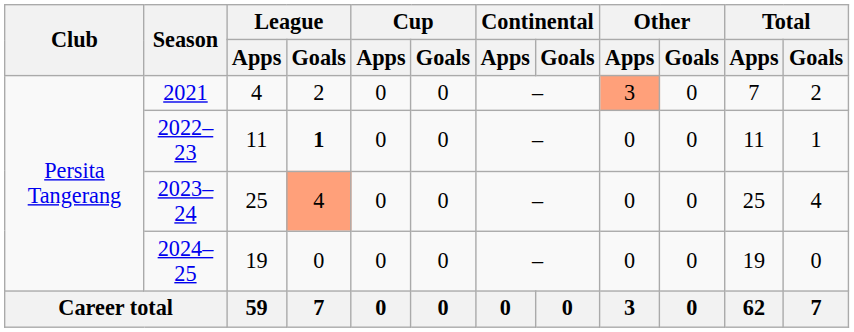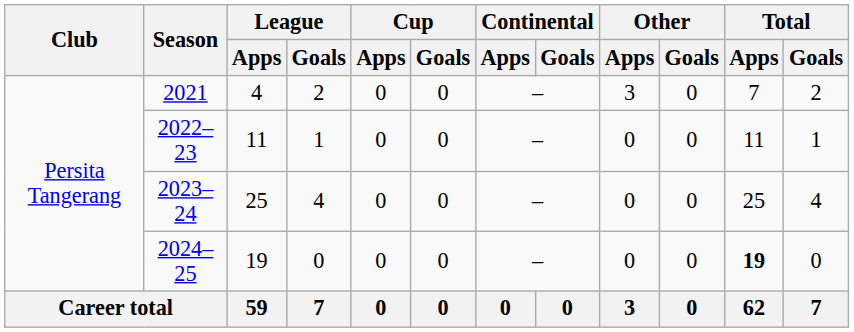 <table class="wikitable" style="text-align: center">
 <tr>
 <th rowspan="2">Club</th>
 <th rowspan="2">Season</th>
 <th colspan="2">League</th>
 <th colspan="2">Cup</th>
 <th colspan="2">Continental</th>
 <th colspan="2">Other</th>
 <th colspan="2">Total</th>
 </tr>
 <tr>
 <th>Apps</th>
 <th>Goals</th>
 <th>Apps</th>
 <th>Goals</th>
 <th>Apps</th>
 <th>Goals</th>
 <th>Apps</th>
 <th>Goals</th>
 <th>Apps</th>
 <th>Goals</th>
 </tr>
 <tr>
 <td rowspan="4"><a href='#'>Persita Tangerang</a></td>
 <td><a href='#'>2021</a></td>
 <td>4</td>
 <td>2</td>
 <td>0</td>
 <td>0</td>
 <td colspan="2">–</td>
-<td style="background: lightsalmon;">3</td>
+<td>3</td>
 <td>0</td>
 <td>7</td>
 <td>2</td>
 </tr>
 <tr>
 <td><a href='#'>2022–23</a></td>
 <td>11</td>
-<td><strong>1</strong></td>
+<td>1</td>
 <td>0</td>
 <td>0</td>
 <td colspan="2">–</td>
 <td>0</td>
 <td>0</td>
 <td>11</td>
 <td>1</td>
 </tr>
 <tr>
 <td><a href='#'>2023–24</a></td>
 <td>25</td>
-<td style="background: lightsalmon;">4</td>
+<td>4</td>
 <td>0</td>
 <td>0</td>
 <td colspan="2">–</td>
 <td>0</td>
 <td>0</td>
 <td>25</td>
 <td>4</td>
 </tr>
 <tr>
 <td><a href='#'>2024–25</a></td>
 <td>19</td>
 <td>0</td>
 <td>0</td>
 <td>0</td>
 <td colspan="2">–</td>
 <td>0</td>
 <td>0</td>
-<td>19</td>
+<td><strong>19</strong></td>
 <td>0</td>
 </tr>
 <tr>
 <th colspan=2>Career total</th>
 <th>59</th>
 <th>7</th>
 <th>0</th>
 <th>0</th>
 <th>0</th>
 <th>0</th>
 <th>3</th>
 <th>0</th>
 <th>62</th>
 <th>7</th>
 </tr>
 </table>
